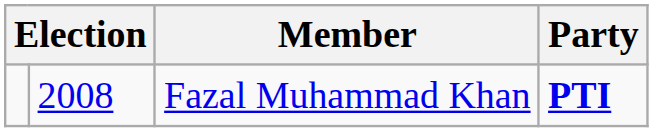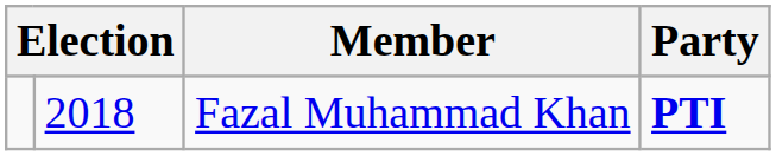 <table class="wikitable">
 <tr>
 <th colspan="2">Election</th>
 <th>Member</th>
 <th>Party</th>
 </tr>
 <tr>
 <td style="background-color: "></td>
-<td><a href='#'>2008</a></td>
+<td><a href='#'>2018</a></td>
 <td><a href='#'>Fazal Muhammad Khan</a></td>
 <td><strong><a href='#'>PTI</a></strong></td>
 </tr>
 </table>
